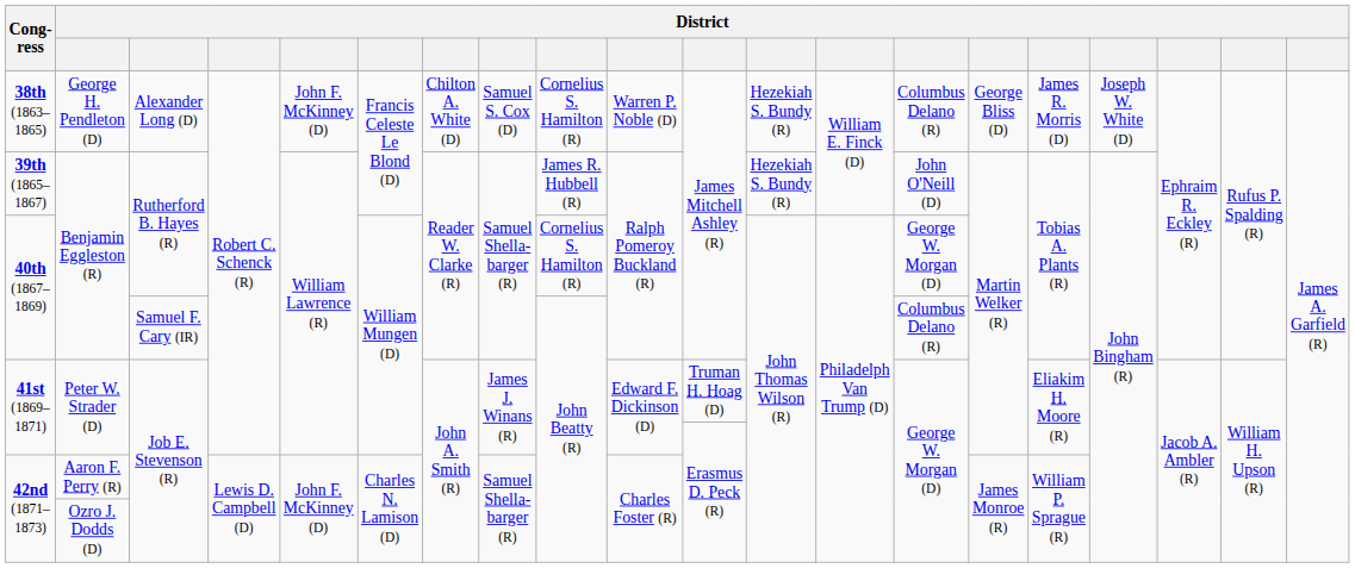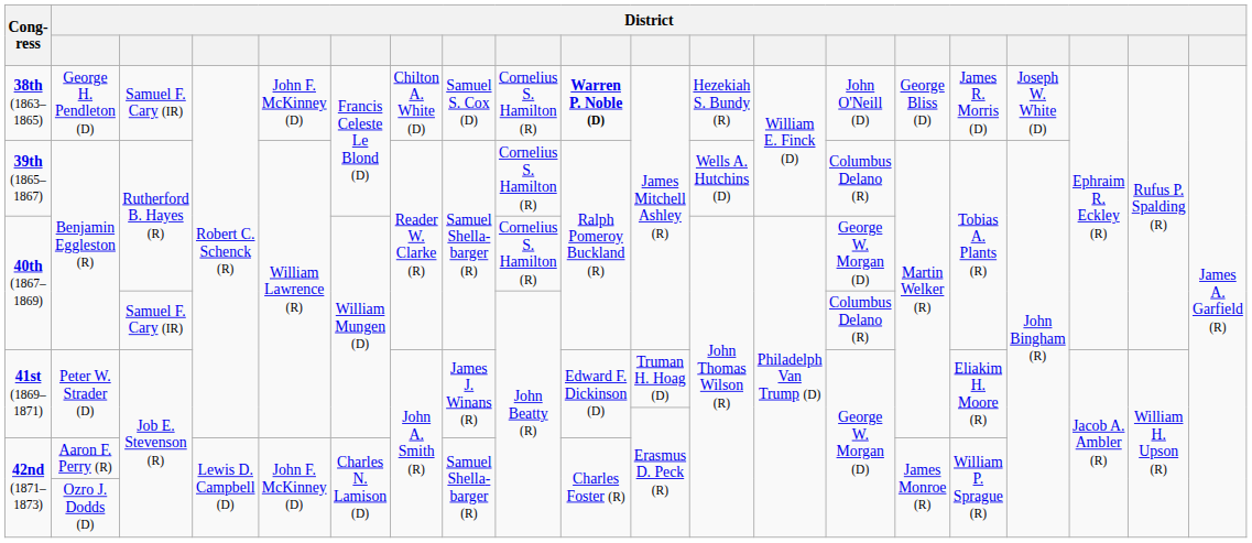 <table class=wikitable style="text-align:center">
 <tr style="height:2em">
 <th rowspan=2>Cong­ress</th>
 <th colspan=19>District</th>
 </tr>
 <tr style="height:2em">
 <th></th>
 <th></th>
 <th></th>
 <th></th>
 <th></th>
 <th></th>
 <th></th>
 <th></th>
 <th></th>
 <th></th>
 <th></th>
 <th></th>
 <th></th>
 <th></th>
 <th></th>
 <th></th>
 <th></th>
 <th></th>
 <th></th>
 </tr>
 <tr style="height:2em">
 <td><strong><a href='#'>38th</a></strong><br><small>(1863–1865)</small></td>
 <td><a href='#'>George H. Pendleton</a> <small>(D)</small></td>
-<td><a href='#'>Alexander Long</a> <small>(D)</small></td>
+<td><a href='#'>Samuel F. Cary</a> <small>(IR)</small></td>
 <td rowspan=6 ><a href='#'>Robert C. Schenck</a> <small>(R)</small></td>
 <td><a href='#'>John F. McKinney</a> <small>(D)</small></td>
 <td rowspan=2 ><a href='#'>Francis Celeste Le Blond</a> <small>(D)</small></td>
 <td><a href='#'>Chilton A. White</a> <small>(D)</small></td>
 <td><a href='#'>Samuel S. Cox</a> <small>(D)</small></td>
 <td><a href='#'>Cornelius S. Hamilton</a> <small>(R)</small></td>
-<td><a href='#'>Warren P. Noble</a> <small>(D)</small></td>
+<td><strong><a href='#'>Warren P. Noble</a> <small>(D)</small></strong></td>
 <td rowspan=4 ><a href='#'>James Mitchell Ashley</a> <small>(R)</small></td>
 <td><a href='#'>Hezekiah S. Bundy</a> <small>(R)</small></td>
 <td rowspan=2 ><a href='#'>William E. Finck</a> <small>(D)</small></td>
-<td><a href='#'>Columbus Delano</a> <small>(R)</small></td>
+<td><a href='#'>John O'Neill</a> <small>(D)</small></td>
 <td><a href='#'>George Bliss</a> <small>(D)</small></td>
 <td><a href='#'>James R. Morris</a> <small>(D)</small></td>
 <td><a href='#'>Joseph W. White</a> <small>(D)</small></td>
 <td rowspan=4 ><a href='#'>Ephraim R. Eckley</a> <small>(R)</small></td>
 <td rowspan=4 ><a href='#'>Rufus P. Spalding</a> <small>(R)</small></td>
 <td rowspan=8 ><a href='#'>James A. Garfield</a> <small>(R)</small></td>
 </tr>
 <tr style="height:2em">
 <td><strong><a href='#'>39th</a></strong><br><small>(1865–1867)</small></td>
 <td rowspan=3 ><a href='#'>Benjamin Eggleston</a> <small>(R)</small></td>
 <td rowspan=2 ><a href='#'>Rutherford B. Hayes</a> <small>(R)</small></td>
 <td rowspan=5 ><a href='#'>William Lawrence</a> <small>(R)</small></td>
 <td rowspan=3 ><a href='#'>Reader W. Clarke</a> <small>(R)</small></td>
 <td rowspan=3 ><a href='#'>Samuel Shella­barger</a> <small>(R)</small></td>
-<td><a href='#'>James R. Hubbell</a> <small>(R)</small></td>
+<td><a href='#'>Cornelius S. Hamilton</a> <small>(R)</small></td>
 <td rowspan=3 ><a href='#'>Ralph Pomeroy Buckland</a> <small>(R)</small></td>
-<td><a href='#'>Hezekiah S. Bundy</a> <small>(R)</small></td>
-<td><a href='#'>John O'Neill</a> <small>(D)</small></td>
+<td><a href='#'>Wells A. Hutchins</a> <small>(D)</small></td>
+<td><a href='#'>Columbus Delano</a> <small>(R)</small></td>
 <td rowspan=5 ><a href='#'>Martin Welker</a> <small>(R)</small></td>
 <td rowspan=3 ><a href='#'>Tobias A. Plants</a> <small>(R)</small></td>
 <td rowspan=7 ><a href='#'>John Bingham</a> <small>(R)</small></td>
 </tr>
 <tr style="height:2em">
 <td rowspan=2><strong><a href='#'>40th</a></strong><br><small>(1867–1869)</small></td>
 <td rowspan=4 ><a href='#'>William Mungen</a> <small>(D)</small></td>
 <td><a href='#'>Cornelius S. Hamilton</a> <small>(R)</small></td>
 <td rowspan=6 ><a href='#'>John Thomas Wilson</a> <small>(R)</small></td>
 <td rowspan=6 ><a href='#'>Philadelph Van Trump</a> <small>(D)</small></td>
 <td><a href='#'>George W. Morgan</a> <small>(D)</small></td>
 </tr>
 <tr style="height:2em">
 <td><a href='#'>Samuel F. Cary</a> <small>(IR)</small></td>
 <td rowspan=5 ><a href='#'>John Beatty</a> <small>(R)</small></td>
 <td><a href='#'>Columbus Delano</a> <small>(R)</small></td>
 </tr>
 <tr style="height:2em">
 <td rowspan=2><strong><a href='#'>41st</a></strong><br><small>(1869–1871)</small></td>
 <td rowspan=2 ><a href='#'>Peter W. Strader</a> <small>(D)</small></td>
 <td rowspan=4 ><a href='#'>Job E. Stevenson</a> <small>(R)</small></td>
 <td rowspan=4 ><a href='#'>John A. Smith</a> <small>(R)</small></td>
 <td rowspan=2 ><a href='#'>James J. Winans</a> <small>(R)</small></td>
 <td rowspan=2 ><a href='#'>Edward F. Dickinson</a> <small>(D)</small></td>
 <td><a href='#'>Truman H. Hoag</a> <small>(D)</small></td>
 <td rowspan=4 ><a href='#'>George W. Morgan</a> <small>(D)</small></td>
 <td rowspan=2 ><a href='#'>Eliakim H. Moore</a> <small>(R)</small></td>
 <td rowspan=4 ><a href='#'>Jacob A. Ambler</a> <small>(R)</small></td>
 <td rowspan=4 ><a href='#'>William H. Upson</a> <small>(R)</small></td>
 </tr>
 <tr style="height:2em">
 <td rowspan=3 ><a href='#'>Erasmus D. Peck</a> <small>(R)</small></td>
 </tr>
 <tr style="height:2em">
 <td rowspan=2><strong><a href='#'>42nd</a></strong><br><small>(1871–1873)</small></td>
 <td><a href='#'>Aaron F. Perry</a> <small>(R)</small></td>
 <td rowspan=2 ><a href='#'>Lewis D. Campbell</a> <small>(D)</small></td>
 <td rowspan=2 ><a href='#'>John F. McKinney</a> <small>(D)</small></td>
 <td rowspan=2 ><a href='#'>Charles N. Lamison</a> <small>(D)</small></td>
 <td rowspan=2 ><a href='#'>Samuel Shella­barger</a> <small>(R)</small></td>
 <td rowspan=2 ><a href='#'>Charles Foster</a> <small>(R)</small></td>
 <td rowspan=2 ><a href='#'>James Monroe</a> <small>(R)</small></td>
 <td rowspan=2 ><a href='#'>William P. Sprague</a> <small>(R)</small></td>
 </tr>
 <tr style="height:2em">
 <td><a href='#'>Ozro J. Dodds</a> <small>(D)</small></td>
 </tr>
 </table>
